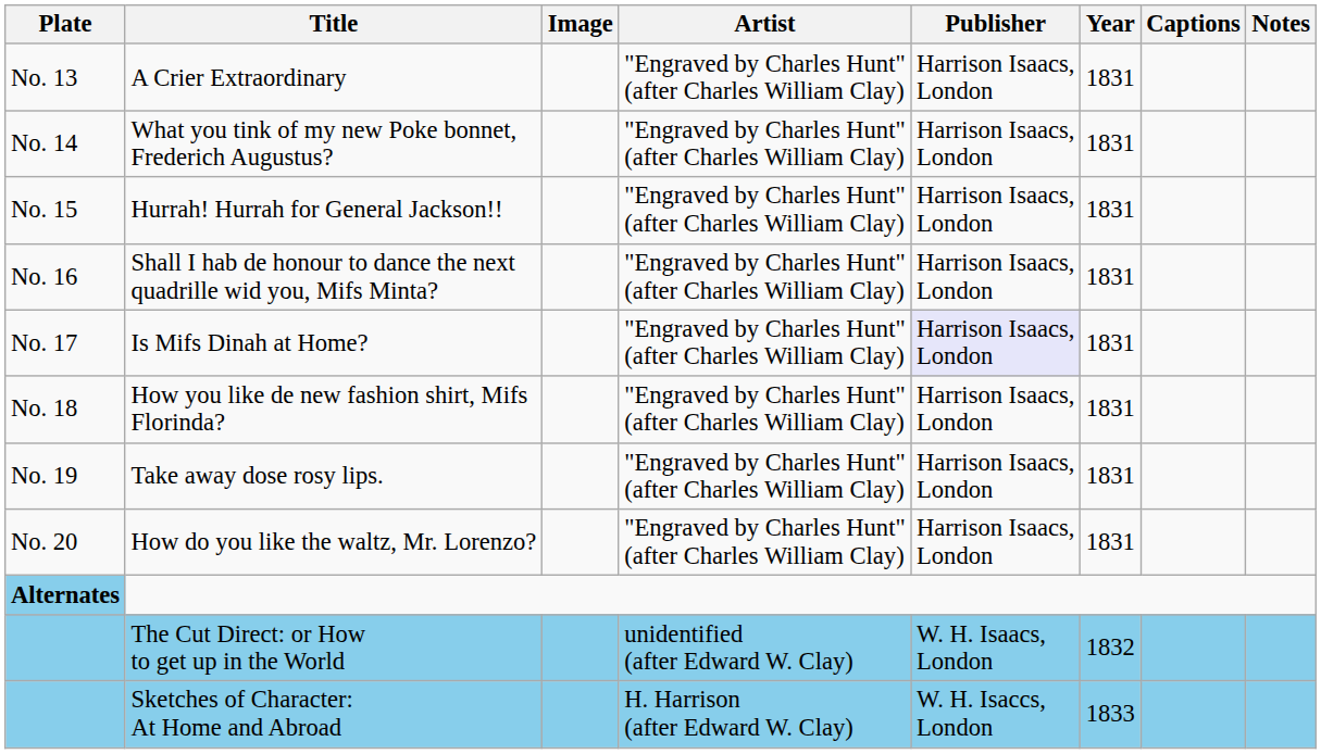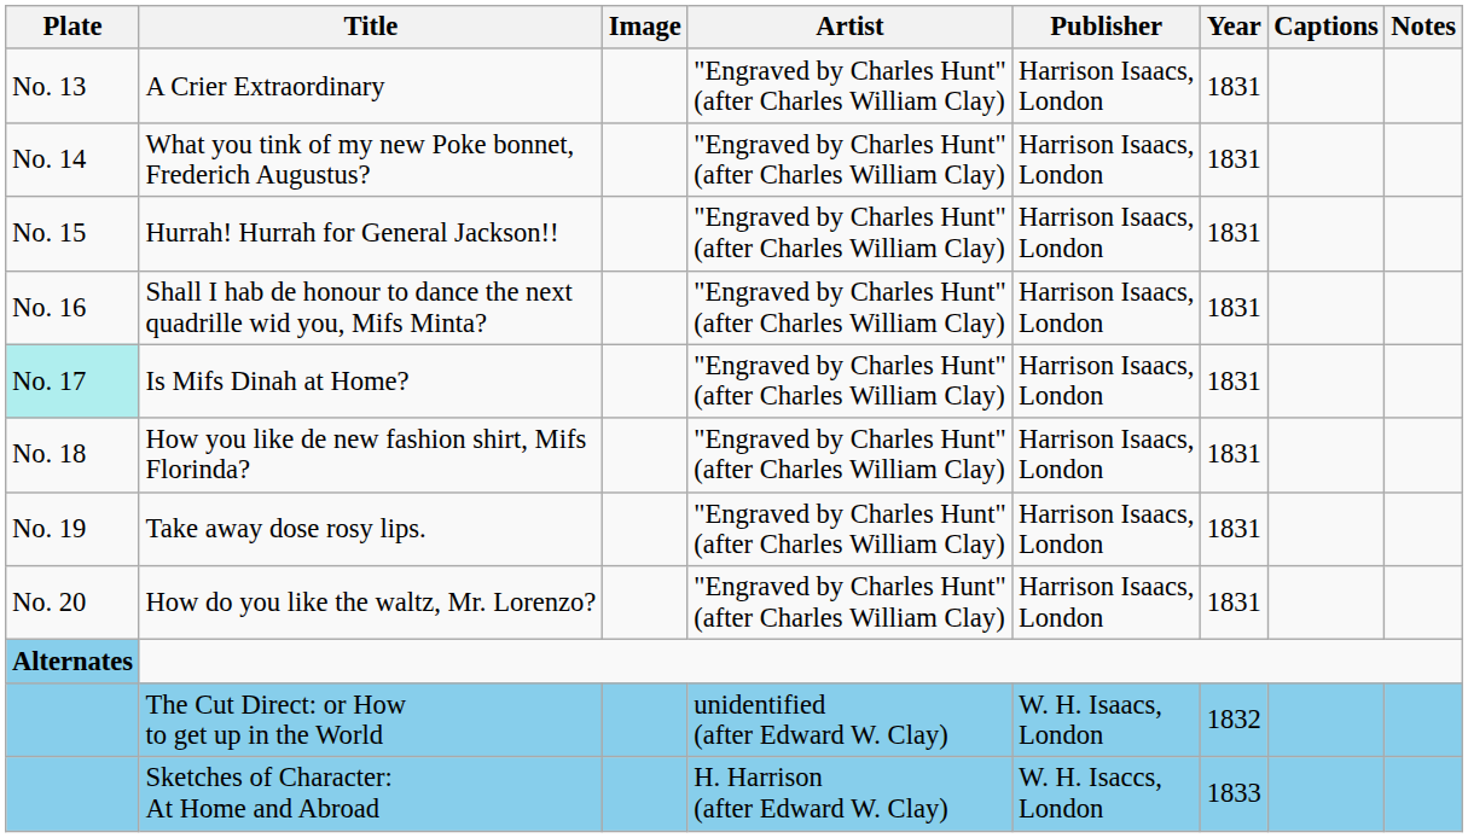 <table class="wikitable sortable">
 <tr>
 <th>Plate</th>
 <th>Title</th>
 <th>Image</th>
 <th>Artist</th>
 <th>Publisher</th>
 <th>Year</th>
 <th>Captions</th>
 <th>Notes</th>
 </tr>
 <tr>
 <td>No. 13</td>
 <td>A Crier Extraordinary</td>
 <td></td>
 <td>"Engraved by Charles Hunt"<br>(after Charles William Clay)</td>
 <td>Harrison Isaacs,<br>London</td>
 <td>1831</td>
 <td></td>
 <td></td>
 </tr>
 <tr>
 <td>No. 14</td>
 <td>What you tink of my new Poke bonnet,<br>Frederich Augustus?</td>
 <td></td>
 <td>"Engraved by Charles Hunt"<br>(after Charles William Clay)</td>
 <td>Harrison Isaacs,<br>London</td>
 <td>1831</td>
 <td></td>
 <td></td>
 </tr>
 <tr>
 <td>No. 15</td>
 <td>Hurrah! Hurrah for General Jackson!!</td>
 <td></td>
 <td>"Engraved by Charles Hunt"<br>(after Charles William Clay)</td>
 <td>Harrison Isaacs,<br>London</td>
 <td>1831</td>
 <td></td>
 <td></td>
 </tr>
 <tr>
 <td>No. 16</td>
 <td>Shall I hab de honour to dance the next<br>quadrille wid you, Mifs Minta?</td>
 <td></td>
 <td>"Engraved by Charles Hunt"<br>(after Charles William Clay)</td>
 <td>Harrison Isaacs,<br>London</td>
 <td>1831</td>
 <td></td>
 <td></td>
 </tr>
 <tr>
-<td>No. 17</td>
+<td style="background: paleturquoise;">No. 17</td>
 <td>Is Mifs Dinah at Home?</td>
 <td></td>
 <td>"Engraved by Charles Hunt"<br>(after Charles William Clay)</td>
-<td style="background: lavender;">Harrison Isaacs,<br>London</td>
+<td>Harrison Isaacs,<br>London</td>
 <td>1831</td>
 <td></td>
 <td></td>
 </tr>
 <tr>
 <td>No. 18</td>
 <td>How you like de new fashion shirt, Mifs<br>Florinda?</td>
 <td></td>
 <td>"Engraved by Charles Hunt"<br>(after Charles William Clay)</td>
 <td>Harrison Isaacs,<br>London</td>
 <td>1831</td>
 <td></td>
 <td></td>
 </tr>
 <tr>
 <td>No. 19</td>
 <td>Take away dose rosy lips.</td>
 <td></td>
 <td>"Engraved by Charles Hunt"<br>(after Charles William Clay)</td>
 <td>Harrison Isaacs,<br>London</td>
 <td>1831</td>
 <td></td>
 <td></td>
 </tr>
 <tr>
 <td>No. 20</td>
 <td>How do you like the waltz, Mr. Lorenzo?</td>
 <td></td>
 <td>"Engraved by Charles Hunt"<br>(after Charles William Clay)</td>
 <td>Harrison Isaacs,<br>London</td>
 <td>1831</td>
 <td></td>
 <td></td>
 </tr>
 <tr style="background:#87CEEB">
 <td><strong>Alternates</strong></td>
 </tr>
 <tr style="background:#87CEEB">
 <td></td>
 <td>The Cut Direct: or How<br>to get up in the World</td>
 <td></td>
 <td>unidentified<br>(after Edward W. Clay)</td>
 <td>W. H. Isaacs,<br>London</td>
 <td>1832</td>
 <td></td>
 <td></td>
 </tr>
 <tr style="background:#87CEEB">
 <td></td>
 <td>Sketches of Character:<br>At Home and Abroad</td>
 <td></td>
 <td>H. Harrison<br>(after Edward W. Clay)</td>
 <td>W. H. Isaccs,<br>London</td>
 <td>1833</td>
 <td></td>
 <td></td>
 </tr>
 </table>
